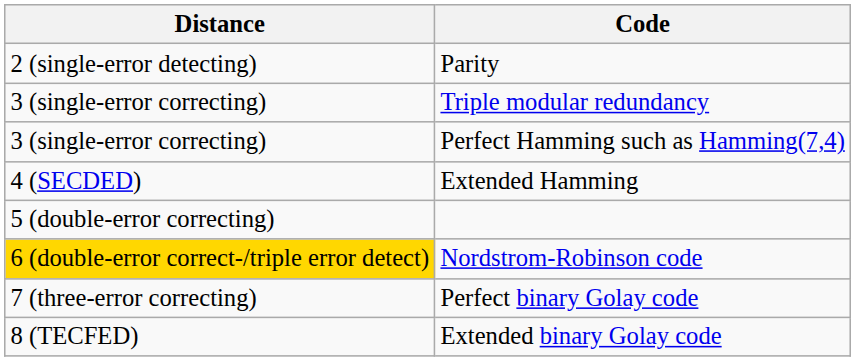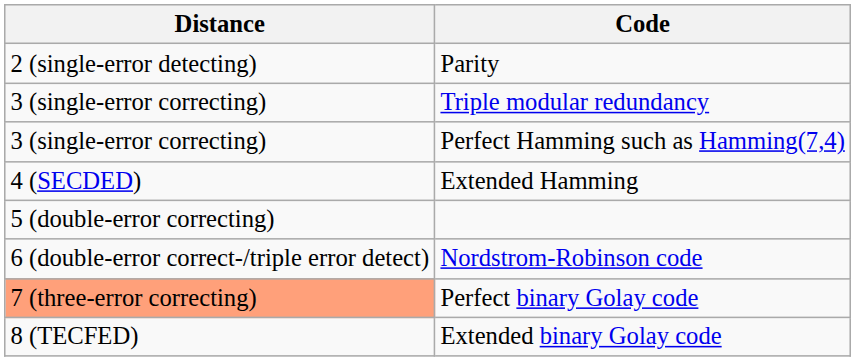 <table class="wikitable">
 <tr>
 <th>Distance</th>
 <th>Code</th>
 </tr>
 <tr>
 <td>2 (single-error detecting)</td>
 <td>Parity</td>
 </tr>
 <tr>
 <td>3 (single-error correcting)</td>
 <td><a href='#'>Triple modular redundancy</a></td>
 </tr>
 <tr>
 <td>3 (single-error correcting)</td>
 <td>Perfect Hamming such as <a href='#'>Hamming(7,4)</a></td>
 </tr>
 <tr>
 <td>4 (<a href='#'>SECDED</a>)</td>
 <td>Extended Hamming</td>
 </tr>
 <tr>
 <td>5 (double-error correcting)</td>
 <td></td>
 </tr>
 <tr>
-<td style="background: gold;">6 (double-error correct-/triple error detect)</td>
+<td>6 (double-error correct-/triple error detect)</td>
 <td><a href='#'>Nordstrom-Robinson code</a></td>
 </tr>
 <tr>
-<td>7 (three-error correcting)</td>
+<td style="background: lightsalmon;">7 (three-error correcting)</td>
 <td>Perfect <a href='#'>binary Golay code</a></td>
 </tr>
 <tr>
 <td>8 (TECFED)</td>
 <td>Extended <a href='#'>binary Golay code</a></td>
 </tr>
 </table>
